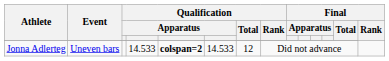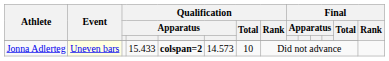 <table class="wikitable" style="font-size:90%">
 <tr>
 <th rowspan=3>Athlete</th>
 <th rowspan=3>Event</th>
 <th colspan=6>Qualification</th>
 <th colspan=6>Final</th>
 </tr>
 <tr style="font-size:95%">
 <th colspan=4>Apparatus</th>
 <th rowspan=2>Total</th>
 <th rowspan=2>Rank</th>
 <th colspan=4>Apparatus</th>
 <th rowspan=2>Total</th>
 <th rowspan=2>Rank</th>
 </tr>
 <tr style="font-size:95%">
 <th></th>
 <th></th>
 <th></th>
 <th></th>
 <th></th>
 <th></th>
 <th></th>
 <th></th>
 </tr>
 <tr style="font-size:95%">
 </tr>
 <tr align=center>
 <td align=left><a href='#'>Jonna Adlerteg</a></td>
-<td align=left><a href='#'>Uneven bars</a></td>
+<td align=left style="background: lightyellow;"><a href='#'>Uneven bars</a></td>
 <td></td>
-<td>14.533</td>
+<td>15.433</td>
 <td><strong>colspan=2 </strong></td>
-<td>14.533</td>
-<td>12</td>
+<td>14.573</td>
+<td>10</td>
 <td colspan=6>Did not advance</td>
 </tr>
 </table>
